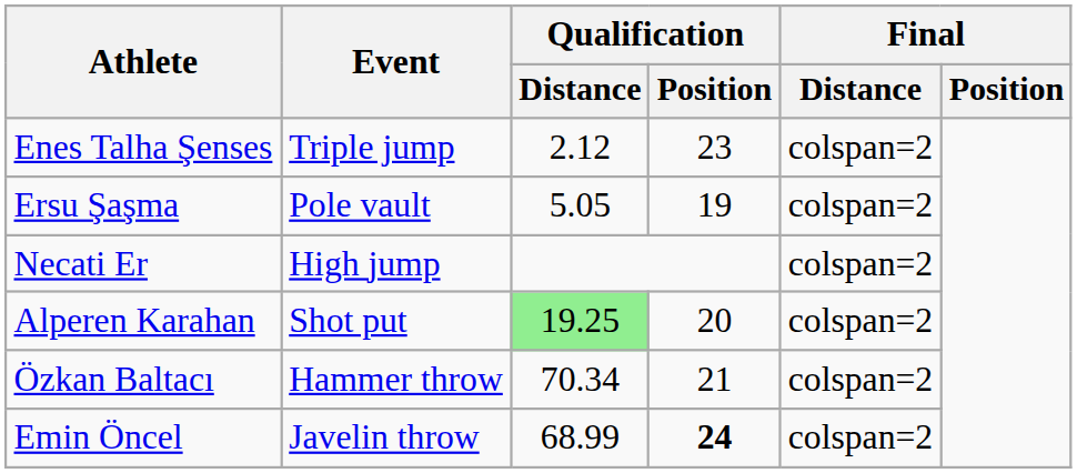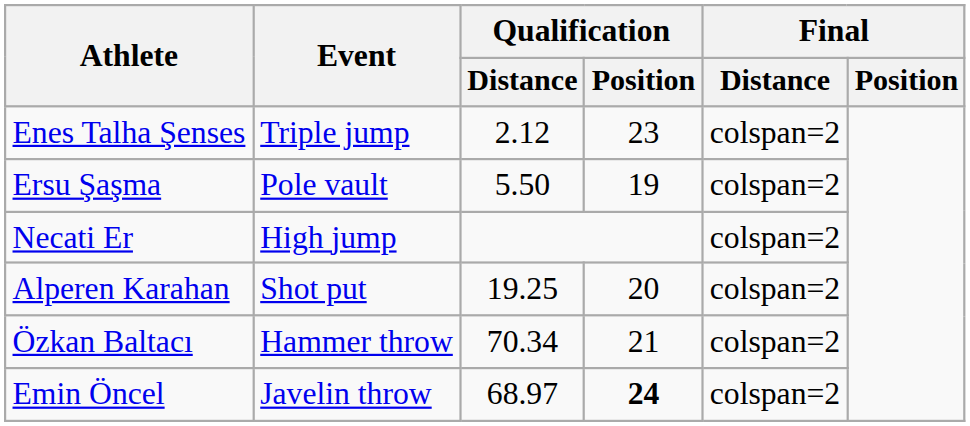 <table class="wikitable" style="font-size:90%">
 <tr>
 <th rowspan="2">Athlete</th>
 <th rowspan="2">Event</th>
 <th colspan="2">Qualification</th>
 <th colspan="2">Final</th>
 </tr>
 <tr style="font-size:95%">
 <th>Distance</th>
 <th>Position</th>
 <th>Distance</th>
 <th>Position</th>
 </tr>
 <tr align="center">
 <td align="left"><a href='#'>Enes Talha Şenses</a></td>
 <td align="left"><a href='#'>Triple jump</a></td>
 <td>2.12</td>
 <td>23</td>
 <td>colspan=2 </td>
 </tr>
 <tr align="center">
 <td align="left"><a href='#'>Ersu Şaşma</a></td>
 <td align="left"><a href='#'>Pole vault</a></td>
-<td>5.05</td>
+<td>5.50</td>
 <td>19</td>
 <td>colspan=2 </td>
 </tr>
 <tr align="center">
 <td align="left"><a href='#'>Necati Er</a></td>
 <td align="left"><a href='#'>High jump</a></td>
 <td colspan=2></td>
 <td>colspan=2 </td>
 </tr>
 <tr align="center">
 <td align="left"><a href='#'>Alperen Karahan</a></td>
 <td align="left"><a href='#'>Shot put</a></td>
-<td style="background: lightgreen;">19.25</td>
+<td>19.25</td>
 <td>20</td>
 <td>colspan=2 </td>
 </tr>
 <tr align="center">
 <td align="left"><a href='#'>Özkan Baltacı</a></td>
 <td align="left"><a href='#'>Hammer throw</a></td>
 <td>70.34</td>
 <td>21</td>
 <td>colspan=2 </td>
 </tr>
 <tr align="center">
 <td align="left"><a href='#'>Emin Öncel</a></td>
 <td align="left"><a href='#'>Javelin throw</a></td>
-<td>68.99</td>
+<td>68.97</td>
 <td><strong>24</strong></td>
 <td>colspan=2 </td>
 </tr>
 </table>
